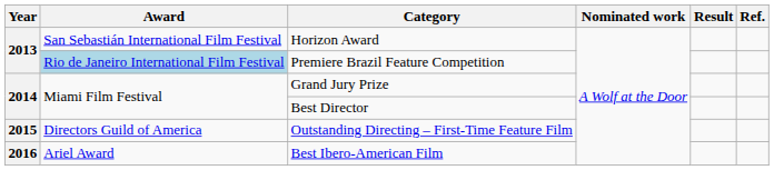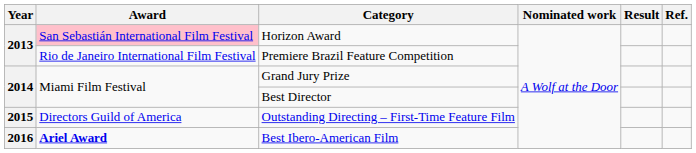 <table class="wikitable sortable plainrowheaders">
 <tr>
 <th scope="col">Year</th>
 <th scope="col">Award</th>
 <th scope="col">Category</th>
 <th scope="col">Nominated work</th>
 <th scope="col">Result</th>
 <th scope="col" class="unsortable">Ref.</th>
 </tr>
 <tr>
 <th scope="row" rowspan="2">2013</th>
-<td><a href='#'>San Sebastián International Film Festival</a></td>
+<td style="background: pink;"><a href='#'>San Sebastián International Film Festival</a></td>
 <td>Horizon Award</td>
 <td rowspan="6"><em><a href='#'>A Wolf at the Door</a></em></td>
 <td></td>
 <td align="center"></td>
 </tr>
 <tr>
-<td style="background: lightblue;"><a href='#'>Rio de Janeiro International Film Festival</a></td>
+<td><a href='#'>Rio de Janeiro International Film Festival</a></td>
 <td>Premiere Brazil Feature Competition</td>
 <td></td>
 <td align="center"></td>
 </tr>
 <tr>
 <th scope="row" rowspan="2">2014</th>
 <td rowspan="2">Miami Film Festival</td>
 <td>Grand Jury Prize</td>
 <td></td>
 <td align="center"></td>
 </tr>
 <tr>
 <td>Best Director</td>
 <td></td>
 <td align="center"></td>
 </tr>
 <tr>
 <th scope="row">2015</th>
 <td><a href='#'>Directors Guild of America</a></td>
 <td><a href='#'>Outstanding Directing – First-Time Feature Film</a></td>
 <td></td>
 <td align="center"></td>
 </tr>
 <tr>
 <th scope="row">2016</th>
-<td><a href='#'>Ariel Award</a></td>
+<td><strong><a href='#'>Ariel Award</a></strong></td>
 <td><a href='#'>Best Ibero-American Film</a></td>
 <td></td>
 <td align="center"></td>
 </tr>
 </table>
